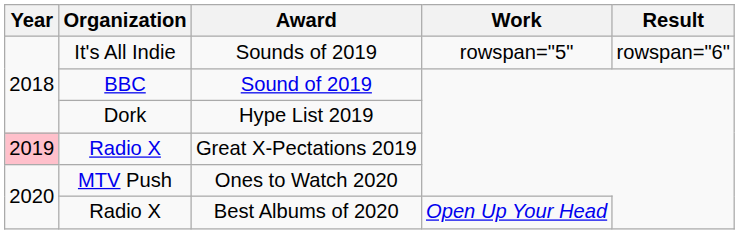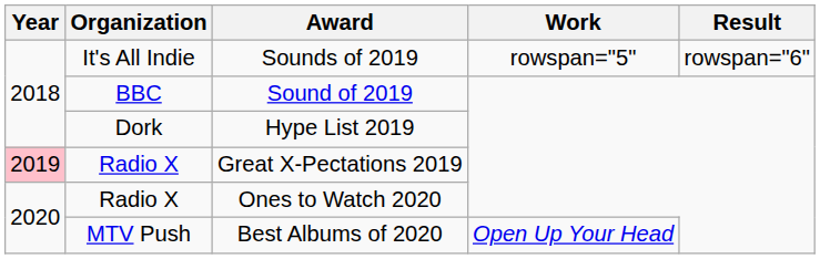 <table class="wikitable plainrowheaders" style="text-align:center;">
 <tr>
 <th>Year</th>
 <th>Organization</th>
 <th>Award</th>
 <th>Work</th>
 <th>Result</th>
 </tr>
 <tr>
 <td rowspan="3">2018</td>
 <td>It's All Indie</td>
 <td>Sounds of 2019</td>
 <td>rowspan="5" </td>
 <td>rowspan="6" <br></td>
 </tr>
 <tr>
 <td><a href='#'>BBC</a></td>
 <td><a href='#'>Sound of 2019</a></td>
 </tr>
 <tr>
 <td>Dork</td>
 <td>Hype List 2019</td>
 </tr>
 <tr>
 <td style="background: pink;">2019</td>
 <td><a href='#'>Radio X</a></td>
 <td>Great X-Pectations 2019</td>
 </tr>
 <tr>
 <td rowspan="2">2020</td>
-<td><a href='#'>MTV</a> Push</td>
+<td>Radio X</td>
 <td>Ones to Watch 2020</td>
 </tr>
 <tr>
-<td>Radio X</td>
+<td><a href='#'>MTV</a> Push</td>
 <td>Best Albums of 2020</td>
 <td><em><a href='#'>Open Up Your Head</a></em></td>
 </tr>
 </table>
